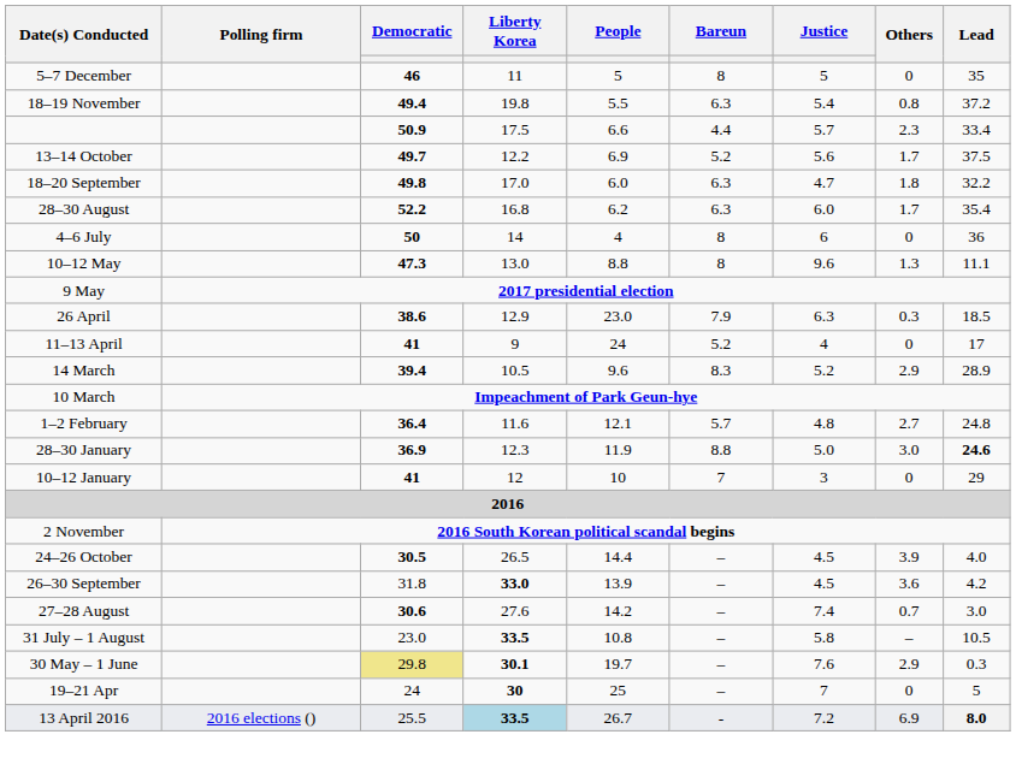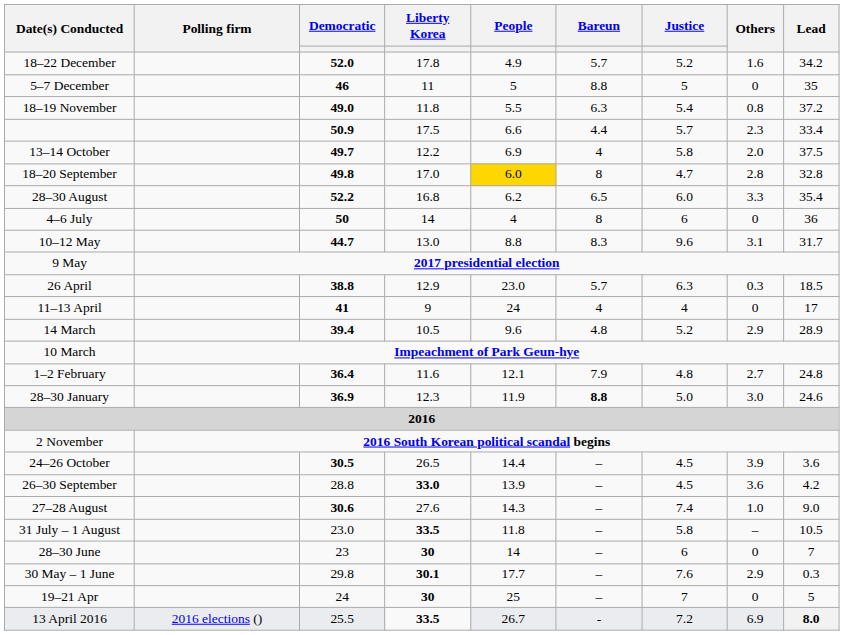 <table class="wikitable sortable" style="text-align:center; font-size:85%; line-height:16px; margin:0;">
 <tr style="height:42px; background-color:#E9E9E9; border 1px solid #aaaaaa;">
 <th style="width:125px;" rowspan="2">Date(s) Conducted</th>
 <th style="width:160px;" rowspan="2">Polling firm</th>
 <th style="width:80px;" class="unsortable"><a href='#'>Democratic</a></th>
 <th style="width:80px;" class="unsortable"><a href='#'>Liberty Korea</a></th>
 <th style="width:80px;" class="unsortable"><a href='#'>People</a></th>
 <th style="width:80px;" class="unsortable"><a href='#'>Bareun</a></th>
 <th style="width:80px;" class="unsortable"><a href='#'>Justice</a></th>
 <th style="width:50px;" rowspan="2" class="unsortable">Others</th>
 <th style="width:50px;" rowspan="2" class="unsortable">Lead</th>
 </tr>
 <tr>
 <th style="background:"></th>
 <th style="background:"></th>
 <th style="background:"></th>
 <th style="background:"></th>
 <th style="background:"></th>
 </tr>
 <tr>
+<td data-sort-value="2017-12-18">18–22 December</td>
+<td></td>
+<td><strong>52.0</strong></td>
+<td>17.8</td>
+<td>4.9</td>
+<td>5.7</td>
+<td>5.2</td>
+<td>1.6</td>
+<td style="background:">34.2</td>
+</tr>
+<tr>
 <td data-sort-value="2017-12-05">5–7 December</td>
 <td></td>
 <td><strong>46</strong></td>
 <td>11</td>
 <td>5</td>
-<td>8</td>
+<td>8.8</td>
 <td>5</td>
 <td>0</td>
 <td style="background:">35</td>
 </tr>
 <tr>
 <td data-sort-value="2017-11-18">18–19 November</td>
 <td></td>
-<td><strong>49.4</strong></td>
-<td>19.8</td>
+<td><strong>49.0</strong></td>
+<td>11.8</td>
 <td>5.5</td>
 <td>6.3</td>
 <td>5.4</td>
 <td>0.8</td>
 <td style="background:">37.2</td>
 </tr>
 <tr>
 <td data-sort-value="2017-10-30"></td>
 <td></td>
 <td><strong>50.9</strong></td>
 <td>17.5</td>
 <td>6.6</td>
 <td>4.4</td>
 <td>5.7</td>
 <td>2.3</td>
 <td style="background:">33.4</td>
 </tr>
 <tr>
 <td data-sort-value="2017-09-18">13–14 October</td>
 <td></td>
 <td><strong>49.7</strong></td>
 <td>12.2</td>
 <td>6.9</td>
-<td>5.2</td>
-<td>5.6</td>
-<td>1.7</td>
+<td>4</td>
+<td>5.8</td>
+<td>2.0</td>
 <td style="background:">37.5</td>
 </tr>
 <tr>
 <td data-sort-value="2017-09-18">18–20 September</td>
 <td></td>
 <td><strong>49.8</strong></td>
 <td>17.0</td>
-<td>6.0</td>
-<td>6.3</td>
+<td style="background: gold;">6.0</td>
+<td>8</td>
 <td>4.7</td>
-<td>1.8</td>
-<td style="background:">32.2</td>
+<td>2.8</td>
+<td style="background:">32.8</td>
 </tr>
 <tr>
 <td data-sort-value="2017-08-28">28–30 August</td>
 <td></td>
 <td><strong>52.2</strong></td>
 <td>16.8</td>
 <td>6.2</td>
-<td>6.3</td>
+<td>6.5</td>
 <td>6.0</td>
-<td>1.7</td>
+<td>3.3</td>
 <td style="background:">35.4</td>
 </tr>
 <tr>
 <td data-sort-value="2017-07-04">4–6 July</td>
 <td></td>
 <td><strong>50</strong></td>
 <td>14</td>
 <td>4</td>
 <td>8</td>
 <td>6</td>
 <td>0</td>
 <td style="background:">36</td>
 </tr>
 <tr>
 <td data-sort-value="2017-05-11">10–12 May</td>
 <td></td>
-<td><strong>47.3</strong></td>
+<td><strong>44.7</strong></td>
 <td>13.0</td>
 <td>8.8</td>
-<td>8</td>
+<td>8.3</td>
 <td>9.6</td>
-<td>1.3</td>
-<td style="background:">11.1</td>
+<td>3.1</td>
+<td style="background:">31.7</td>
 </tr>
 <tr>
 <td>9 May</td>
 <td colspan="8"><strong><a href='#'>2017 presidential election</a></strong></td>
 </tr>
 <tr>
 <td data-sort-value="2017-04-26">26 April</td>
 <td></td>
-<td><strong>38.6</strong></td>
+<td><strong>38.8</strong></td>
 <td>12.9</td>
 <td>23.0</td>
-<td>7.9</td>
+<td>5.7</td>
 <td>6.3</td>
 <td>0.3</td>
 <td style="background:">18.5</td>
 </tr>
 <tr>
 <td data-sort-value="2017-04-11">11–13 April</td>
 <td></td>
 <td><strong>41</strong></td>
 <td>9</td>
 <td>24</td>
-<td>5.2</td>
+<td>4</td>
 <td>4</td>
 <td>0</td>
 <td style="background:">17</td>
 </tr>
 <tr>
 <td data-sort-value="2017-03-14">14 March</td>
 <td></td>
 <td><strong>39.4</strong></td>
 <td>10.5</td>
 <td>9.6</td>
-<td>8.3</td>
+<td>4.8</td>
 <td>5.2</td>
 <td>2.9</td>
 <td style="background:">28.9</td>
 </tr>
 <tr>
 <td>10 March</td>
 <td colspan="8"><strong><a href='#'>Impeachment of Park Geun-hye</a></strong></td>
 </tr>
 <tr>
 <td data-sort-value="2017-02-01">1–2 February</td>
 <td></td>
 <td><strong>36.4</strong></td>
 <td>11.6</td>
 <td>12.1</td>
-<td>5.7</td>
+<td>7.9</td>
 <td>4.8</td>
 <td>2.7</td>
 <td style="background:">24.8</td>
 </tr>
 <tr>
 <td data-sort-value="2017-01-29">28–30 January</td>
 <td></td>
 <td><strong>36.9</strong></td>
 <td>12.3</td>
 <td>11.9</td>
-<td>8.8</td>
+<td><strong>8.8</strong></td>
 <td>5.0</td>
 <td>3.0</td>
-<td style="background:"><strong>24.6</strong></td>
-</tr>
-<tr>
-<td data-sort-value="2017-01-11">10–12 January</td>
-<td></td>
-<td><strong>41</strong></td>
-<td>12</td>
-<td>10</td>
-<td>7</td>
-<td>3</td>
-<td>0</td>
-<td style="background:">29</td>
+<td style="background:">24.6</td>
 </tr>
 <tr>
 <td style="background:#D5D5D5;" colspan="9"><strong>2016</strong></td>
 </tr>
 <tr>
 <td>2 November</td>
 <td colspan="8"><strong><a href='#'>2016 South Korean political scandal</a> begins</strong></td>
 </tr>
 <tr>
 <td data-sort-value="2016-10-24">24–26 October</td>
 <td></td>
 <td><strong>30.5</strong></td>
 <td>26.5</td>
 <td>14.4</td>
 <td>–</td>
 <td>4.5</td>
 <td>3.9</td>
-<td style="background:">4.0</td>
+<td style="background:">3.6</td>
 </tr>
 <tr>
 <td data-sort-value="2016-09-28">26–30 September</td>
 <td></td>
-<td>31.8</td>
+<td>28.8</td>
 <td><strong>33.0</strong></td>
 <td>13.9</td>
 <td>–</td>
 <td>4.5</td>
 <td>3.6</td>
 <td style="background:">4.2</td>
 </tr>
 <tr>
 <td data-sort-value="2016-08-28">27–28 August</td>
 <td></td>
 <td><strong>30.6</strong></td>
 <td>27.6</td>
-<td>14.2</td>
+<td>14.3</td>
 <td>–</td>
 <td>7.4</td>
-<td>0.7</td>
-<td style="background:">3.0</td>
+<td>1.0</td>
+<td style="background:">9.0</td>
 </tr>
 <tr>
 <td data-sort-value="2016-07-31">31 July – 1 August</td>
 <td></td>
 <td>23.0</td>
 <td><strong>33.5</strong></td>
-<td>10.8</td>
+<td>11.8</td>
 <td>–</td>
 <td>5.8</td>
 <td>–</td>
 <td style="background:">10.5</td>
 </tr>
 <tr>
+<td data-sort-value="2016-06-29">28–30 June</td>
+<td></td>
+<td>23</td>
+<td><strong>30</strong></td>
+<td>14</td>
+<td>–</td>
+<td>6</td>
+<td>0</td>
+<td style="background:">7</td>
+</tr>
+<tr>
 <td data-sort-value="2016-06-01">30 May – 1 June</td>
 <td></td>
-<td style="background: khaki;">29.8</td>
+<td>29.8</td>
 <td><strong>30.1</strong></td>
-<td>19.7</td>
+<td>17.7</td>
 <td>–</td>
 <td>7.6</td>
 <td>2.9</td>
 <td style="background:">0.3</td>
 </tr>
 <tr>
 <td data-sort-value="2016-04-21">19–21 Apr</td>
 <td></td>
 <td>24</td>
 <td><strong>30</strong></td>
 <td>25</td>
 <td>–</td>
 <td>7</td>
 <td>0</td>
 <td style="background:">5</td>
 </tr>
 <tr>
 <td style="background:#EAECF0;" data-sort-value="2016-04-13">13 April 2016</td>
 <td style="background:#EAECF0;"><a href='#'>2016 elections</a> ()</td>
 <td style="background:#EAECF0;">25.5</td>
-<td style="background: lightblue;"><strong>33.5</strong></td>
+<td><strong>33.5</strong></td>
 <td style="background:#EAECF0;">26.7</td>
 <td style="background:#EAECF0;">-</td>
 <td style="background:#EAECF0;">7.2</td>
 <td style="background:#EAECF0;">6.9</td>
 <th style="background:">8.0</th>
 </tr>
 </table>
